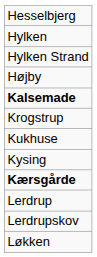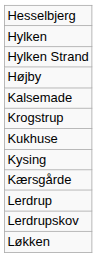 <table class="wikitable" style="float:left; margin-right:1em">
 <tr>
 <td>Hesselbjerg</td>
 </tr>
 <tr>
 <td>Hylken</td>
 </tr>
 <tr>
 <td>Hylken Strand</td>
 </tr>
 <tr>
 <td>Højby</td>
 </tr>
 <tr>
-<td><strong>Kalsemade</strong></td>
+<td>Kalsemade</td>
 </tr>
 <tr>
 <td>Krogstrup</td>
 </tr>
 <tr>
 <td>Kukhuse</td>
 </tr>
 <tr>
 <td>Kysing</td>
 </tr>
 <tr>
-<td><strong>Kærsgårde</strong></td>
+<td>Kærsgårde</td>
 </tr>
 <tr>
 <td>Lerdrup</td>
 </tr>
 <tr>
 <td>Lerdrupskov</td>
 </tr>
 <tr>
 <td>Løkken</td>
 </tr>
 </table>
